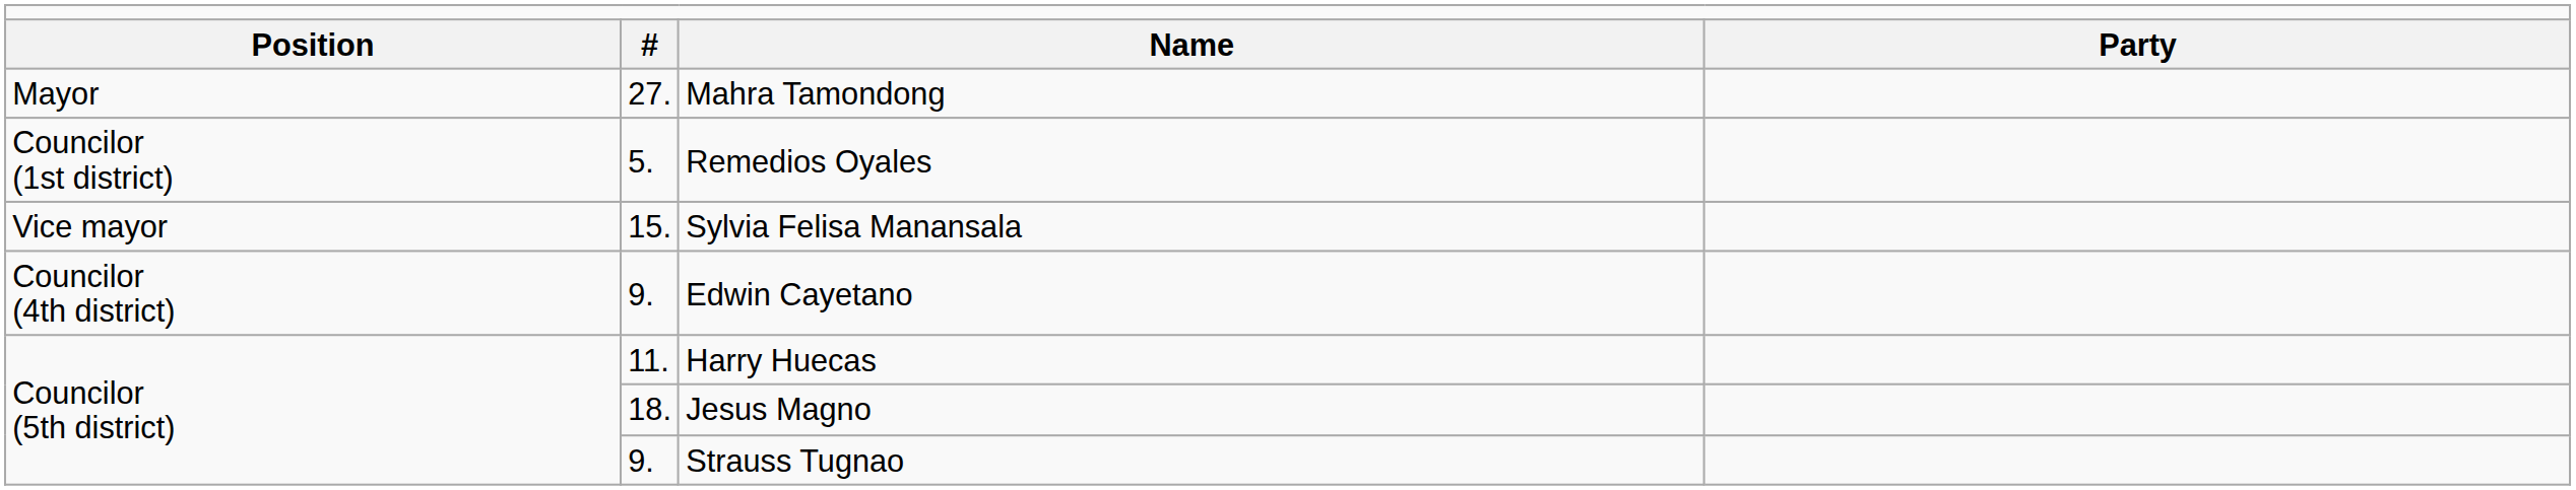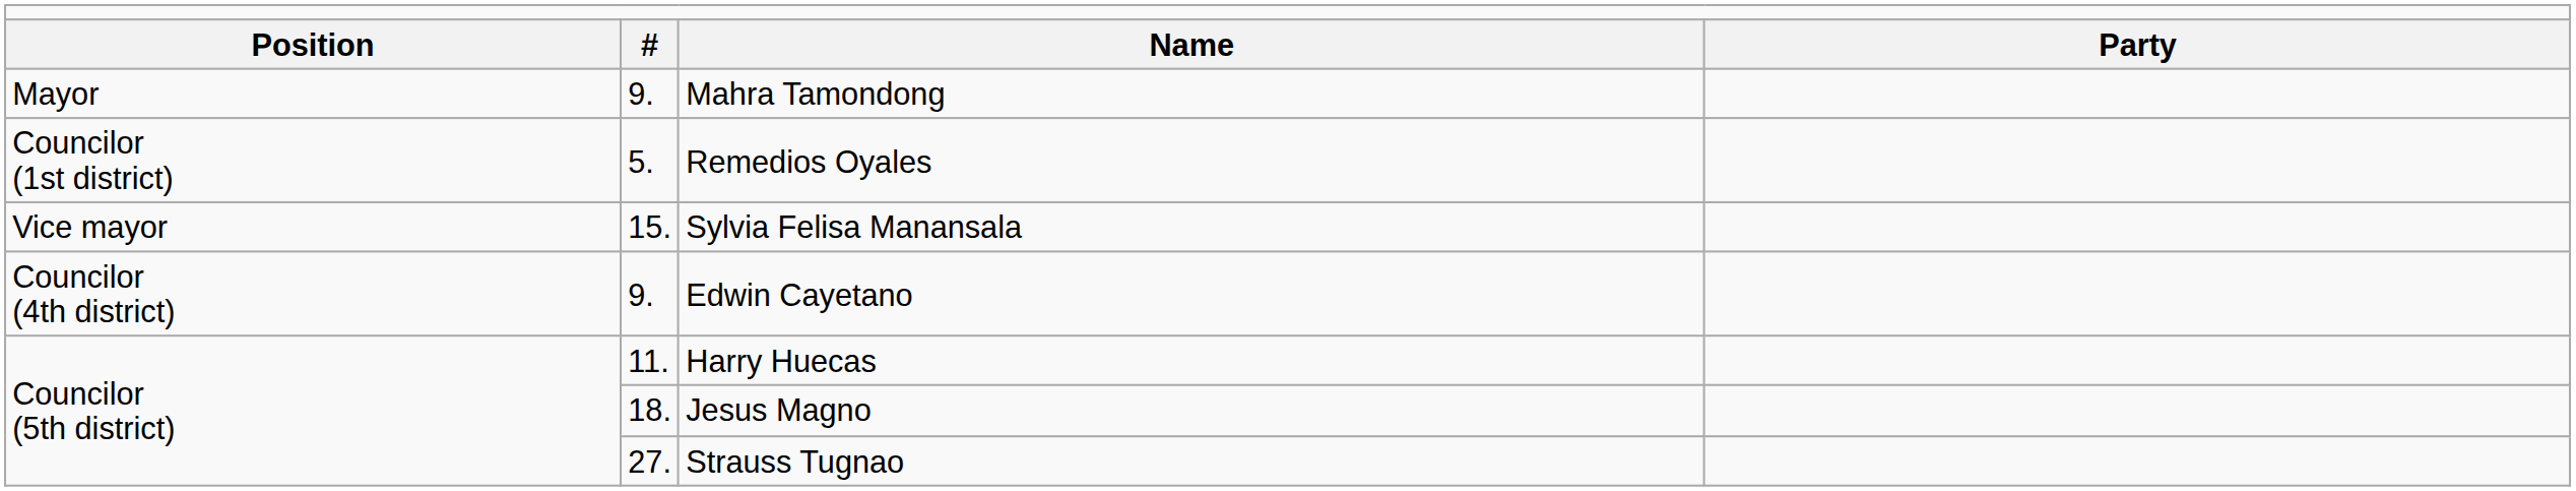 <table class=wikitable style="font-size:95%" width=99%>
 <tr>
 <td colspan="5"></td>
 </tr>
 <tr>
 <th width=24%>Position</th>
 <th width=1%>#</th>
 <th width=40%>Name</th>
 <th colspan=2>Party</th>
 </tr>
 <tr>
 <td>Mayor</td>
-<td>27.</td>
+<td>9.</td>
 <td>Mahra Tamondong</td>
 <td></td>
 </tr>
 <tr>
 <td>Councilor<br>(1st district)</td>
 <td>5.</td>
 <td>Remedios Oyales</td>
 <td></td>
 </tr>
 <tr>
 <td>Vice mayor</td>
 <td>15.</td>
 <td>Sylvia Felisa Manansala</td>
 <td></td>
 </tr>
 <tr>
 <td>Councilor<br>(4th district)</td>
 <td>9.</td>
 <td>Edwin Cayetano</td>
 <td></td>
 </tr>
 <tr>
 <td rowspan="3">Councilor<br>(5th district)</td>
 <td>11.</td>
 <td>Harry Huecas</td>
 <td></td>
 </tr>
 <tr>
 <td>18.</td>
 <td>Jesus Magno</td>
 <td></td>
 </tr>
 <tr>
-<td>9.</td>
+<td>27.</td>
 <td>Strauss Tugnao</td>
 <td></td>
 </tr>
 </table>
